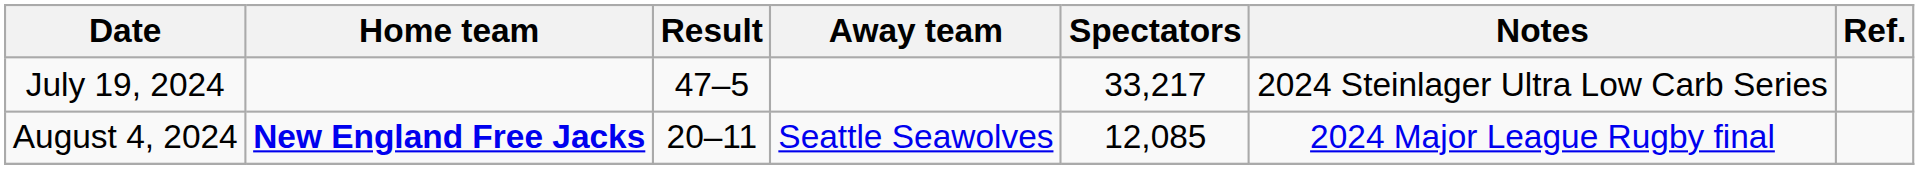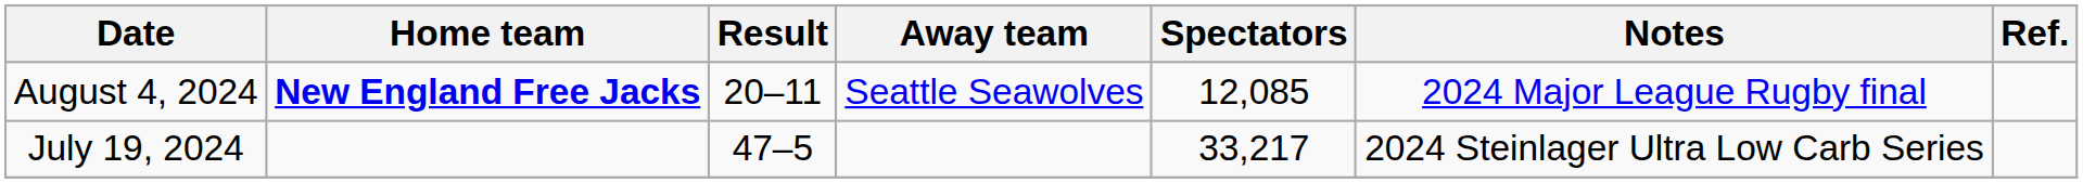 <table class="wikitable" style="text-align:center;">
 <tr>
 <th style="text-align:center;">Date</th>
 <th style="text-align:center;">Home team</th>
 <th style="text-align:center;">Result</th>
 <th style="text-align:center;">Away team</th>
 <th style="text-align:center;">Spectators</th>
 <th style="text-align:center;">Notes</th>
 <th style="text-align:center;">Ref.</th>
 </tr>
 <tr>
+<td>August 4, 2024</td>
+<td><strong><a href='#'>New England Free Jacks</a></strong></td>
+<td>20–11</td>
+<td><a href='#'>Seattle Seawolves</a></td>
+<td>12,085</td>
+<td><a href='#'>2024 Major League Rugby final</a></td>
+<td></td>
+</tr>
+<tr>
 <td>July 19, 2024</td>
 <td><strong></strong> </td>
 <td>47–5</td>
 <td> </td>
 <td>33,217</td>
 <td>2024 Steinlager Ultra Low Carb Series</td>
 <td></td>
 </tr>
 <tr>
-<td>August 4, 2024</td>
-<td><strong><a href='#'>New England Free Jacks</a></strong></td>
-<td>20–11</td>
-<td><a href='#'>Seattle Seawolves</a></td>
-<td>12,085</td>
-<td><a href='#'>2024 Major League Rugby final</a></td>
-<td></td>
-</tr>
-<tr>
 </tr>
 </table>
